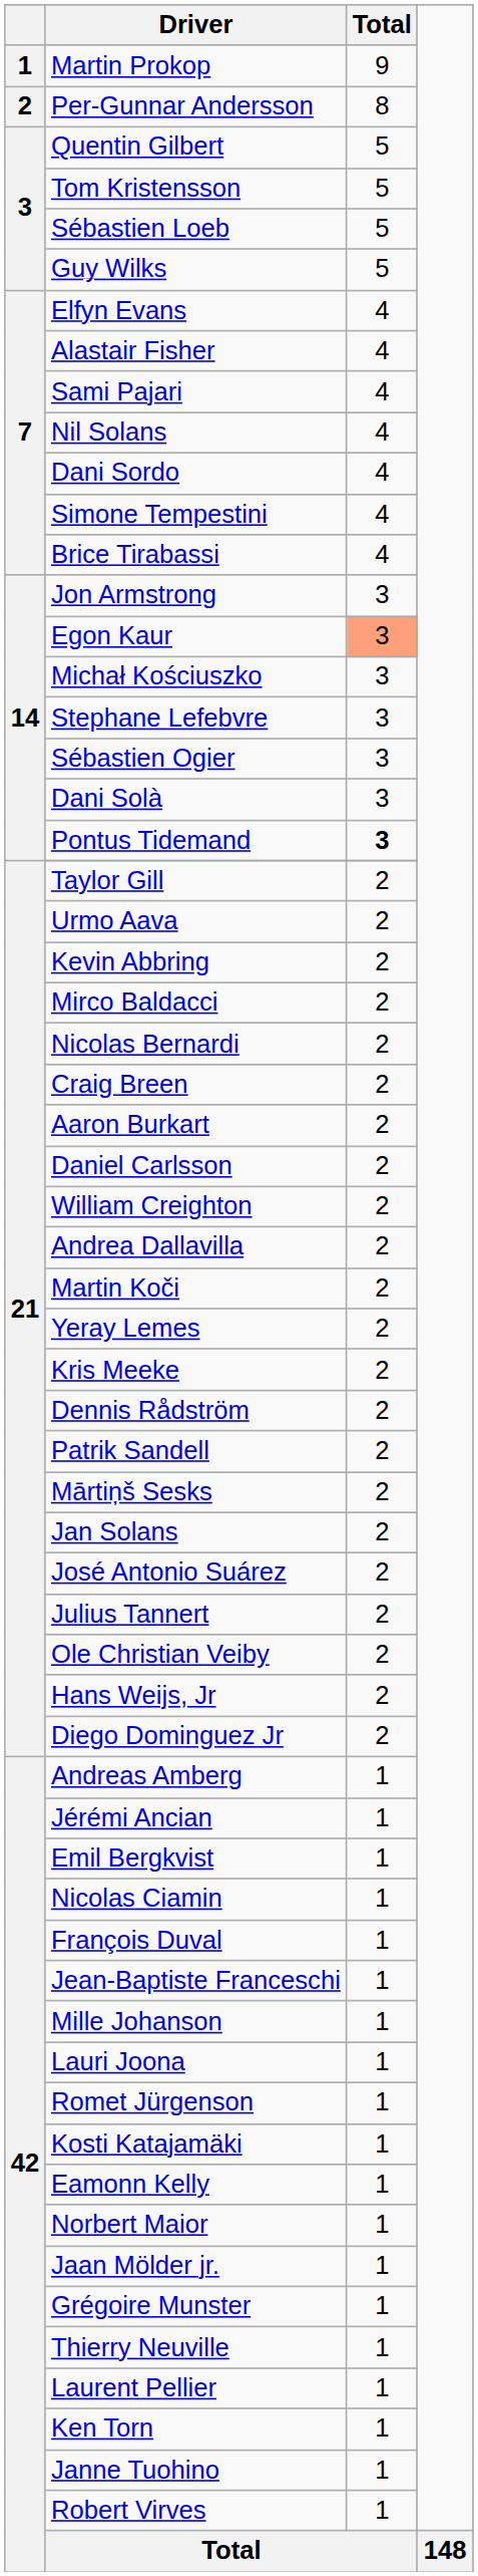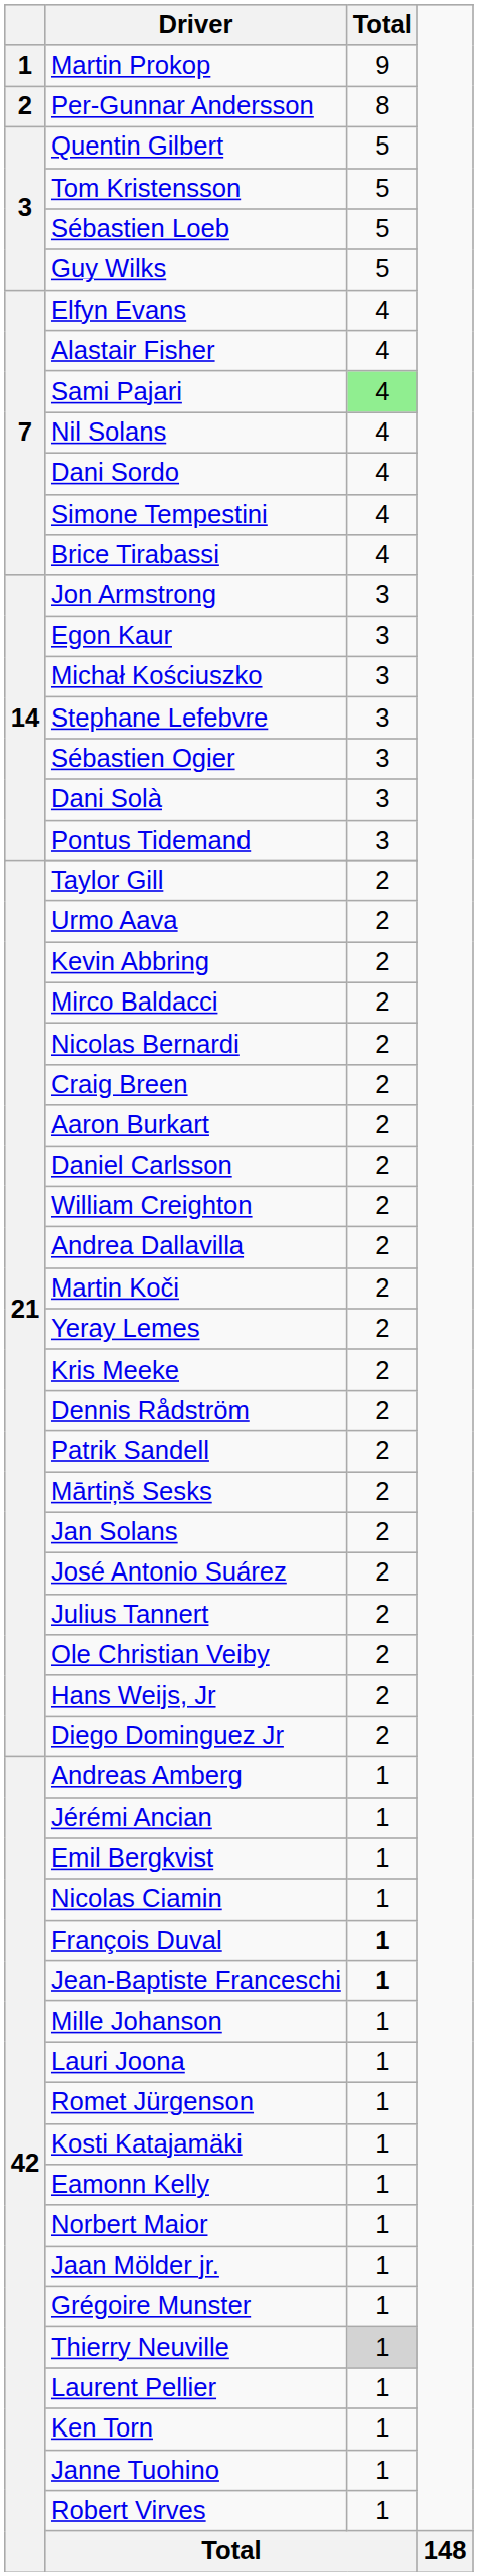 <table class="wikitable" style="text-align:center;" style="font-size:97%;">
 <tr>
 <th></th>
 <th>Driver</th>
 <th>Total</th>
 </tr>
 <tr>
 <th rowspan=1>1</th>
 <td align="left"> <a href='#'>Martin Prokop</a></td>
 <td>9</td>
 </tr>
 <tr>
 <th>2</th>
 <td align="left"> <a href='#'>Per-Gunnar Andersson</a></td>
 <td>8</td>
 </tr>
 <tr>
 <th rowspan=4>3</th>
 <td align="left"> <a href='#'>Quentin Gilbert</a></td>
 <td>5</td>
 </tr>
 <tr>
 <td align="left"> <a href='#'>Tom Kristensson</a></td>
 <td>5</td>
 </tr>
 <tr>
 <td align="left"> <a href='#'>Sébastien Loeb</a></td>
 <td>5</td>
 </tr>
 <tr>
 <td align="left"> <a href='#'>Guy Wilks</a></td>
 <td>5</td>
 </tr>
 <tr>
 <th rowspan=7>7</th>
 <td align="left"> <a href='#'>Elfyn Evans</a></td>
 <td>4</td>
 </tr>
 <tr>
 <td align="left"> <a href='#'>Alastair Fisher</a></td>
 <td>4</td>
 </tr>
 <tr>
 <td align="left"> <a href='#'>Sami Pajari</a></td>
-<td>4</td>
+<td style="background: lightgreen;">4</td>
 </tr>
 <tr>
 <td align="left"> <a href='#'>Nil Solans</a></td>
 <td>4</td>
 </tr>
 <tr>
 <td align="left"> <a href='#'>Dani Sordo</a></td>
 <td>4</td>
 </tr>
 <tr>
 <td align="left"> <a href='#'>Simone Tempestini</a></td>
 <td>4</td>
 </tr>
 <tr>
 <td align="left"> <a href='#'>Brice Tirabassi</a></td>
 <td>4</td>
 </tr>
 <tr>
 <th rowspan=7>14</th>
 <td align="left"> <a href='#'>Jon Armstrong</a></td>
 <td>3</td>
 </tr>
 <tr>
 <td align="left"> <a href='#'>Egon Kaur</a></td>
-<td style="background: lightsalmon;">3</td>
+<td>3</td>
 </tr>
 <tr>
 <td align="left"> <a href='#'>Michał Kościuszko</a></td>
 <td>3</td>
 </tr>
 <tr>
 <td align="left"> <a href='#'>Stephane Lefebvre</a></td>
 <td>3</td>
 </tr>
 <tr>
 <td align="left"> <a href='#'>Sébastien Ogier</a></td>
 <td>3</td>
 </tr>
 <tr>
 <td align="left"> <a href='#'>Dani Solà</a></td>
 <td>3</td>
 </tr>
 <tr>
 <td align="left"> <a href='#'>Pontus Tidemand</a></td>
-<td><strong>3</strong></td>
+<td>3</td>
 </tr>
 <tr>
 <th rowspan=23>21</th>
 </tr>
 <tr>
 <td align="left"> <a href='#'>Taylor Gill</a></td>
 <td>2</td>
 </tr>
 <tr>
 <td align="left"> <a href='#'>Urmo Aava</a></td>
 <td>2</td>
 </tr>
 <tr>
 <td align="left"> <a href='#'>Kevin Abbring</a></td>
 <td>2</td>
 </tr>
 <tr>
 <td align="left"> <a href='#'>Mirco Baldacci</a></td>
 <td>2</td>
 </tr>
 <tr>
 <td align="left"> <a href='#'>Nicolas Bernardi</a></td>
 <td>2</td>
 </tr>
 <tr>
 <td align="left"> <a href='#'>Craig Breen</a></td>
 <td>2</td>
 </tr>
 <tr>
 <td align="left"> <a href='#'>Aaron Burkart</a></td>
 <td>2</td>
 </tr>
 <tr>
 <td align="left"> <a href='#'>Daniel Carlsson</a></td>
 <td>2</td>
 </tr>
 <tr>
 <td align="left"> <a href='#'>William Creighton</a></td>
 <td>2</td>
 </tr>
 <tr>
 <td align="left"> <a href='#'>Andrea Dallavilla</a></td>
 <td>2</td>
 </tr>
 <tr>
 <td align="left"> <a href='#'>Martin Koči</a></td>
 <td>2</td>
 </tr>
 <tr>
 <td align="left"> <a href='#'>Yeray Lemes</a></td>
 <td>2</td>
 </tr>
 <tr>
 <td align="left"> <a href='#'>Kris Meeke</a></td>
 <td>2</td>
 </tr>
 <tr>
 <td align="left"> <a href='#'>Dennis Rådström</a></td>
 <td>2</td>
 </tr>
 <tr>
 <td align="left"> <a href='#'>Patrik Sandell</a></td>
 <td>2</td>
 </tr>
 <tr>
 <td align="left"> <a href='#'>Mārtiņš Sesks</a></td>
 <td>2</td>
 </tr>
 <tr>
 <td align="left"> <a href='#'>Jan Solans</a></td>
 <td>2</td>
 </tr>
 <tr>
 <td align="left"> <a href='#'>José Antonio Suárez</a></td>
 <td>2</td>
 </tr>
 <tr>
 <td align="left"> <a href='#'>Julius Tannert</a></td>
 <td>2</td>
 </tr>
 <tr>
 <td align="left"> <a href='#'>Ole Christian Veiby</a></td>
 <td>2</td>
 </tr>
 <tr>
 <td align="left"> <a href='#'>Hans Weijs, Jr</a></td>
 <td>2</td>
 </tr>
 <tr>
 <td align="left"> <a href='#'>Diego Dominguez Jr</a></td>
 <td>2</td>
 </tr>
 <tr>
 <th rowspan=20>42</th>
 <td align="left"> <a href='#'>Andreas Amberg</a></td>
 <td>1</td>
 </tr>
 <tr>
 <td align="left"> <a href='#'>Jérémi Ancian</a></td>
 <td>1</td>
 </tr>
 <tr>
 <td align="left"> <a href='#'>Emil Bergkvist</a></td>
 <td>1</td>
 </tr>
 <tr>
 <td align="left"> <a href='#'>Nicolas Ciamin</a></td>
 <td>1</td>
 </tr>
 <tr>
 <td align="left"> <a href='#'>François Duval</a></td>
-<td>1</td>
+<td><strong>1</strong></td>
 </tr>
 <tr>
 <td align="left"> <a href='#'>Jean-Baptiste Franceschi</a></td>
-<td>1</td>
+<td><strong>1</strong></td>
 </tr>
 <tr>
 <td align="left"> <a href='#'>Mille Johanson</a></td>
 <td>1</td>
 </tr>
 <tr>
 <td align="left"> <a href='#'>Lauri Joona</a></td>
 <td>1</td>
 </tr>
 <tr>
 <td align="left"> <a href='#'>Romet Jürgenson</a></td>
 <td>1</td>
 </tr>
 <tr>
 <td align="left"> <a href='#'>Kosti Katajamäki</a></td>
 <td>1</td>
 </tr>
 <tr>
 <td align="left"> <a href='#'>Eamonn Kelly</a></td>
 <td>1</td>
 </tr>
 <tr>
 <td align="left"> <a href='#'>Norbert Maior</a></td>
 <td>1</td>
 </tr>
 <tr>
 <td align="left"> <a href='#'>Jaan Mölder jr.</a></td>
 <td>1</td>
 </tr>
 <tr>
 <td align="left"> <a href='#'>Grégoire Munster</a></td>
 <td>1</td>
 </tr>
 <tr>
 <td align="left"> <a href='#'>Thierry Neuville</a></td>
-<td>1</td>
+<td style="background: lightgrey;">1</td>
 </tr>
 <tr>
 <td align="left"> <a href='#'>Laurent Pellier</a></td>
 <td>1</td>
 </tr>
 <tr>
 <td align="left"> <a href='#'>Ken Torn</a></td>
 <td>1</td>
 </tr>
 <tr>
 <td align="left"> <a href='#'>Janne Tuohino</a></td>
 <td>1</td>
 </tr>
 <tr>
 <td align="left"> <a href='#'>Robert Virves</a></td>
 <td>1</td>
 </tr>
 <tr>
 <th colspan=2>Total</th>
 <th>148</th>
 </tr>
 </table>
